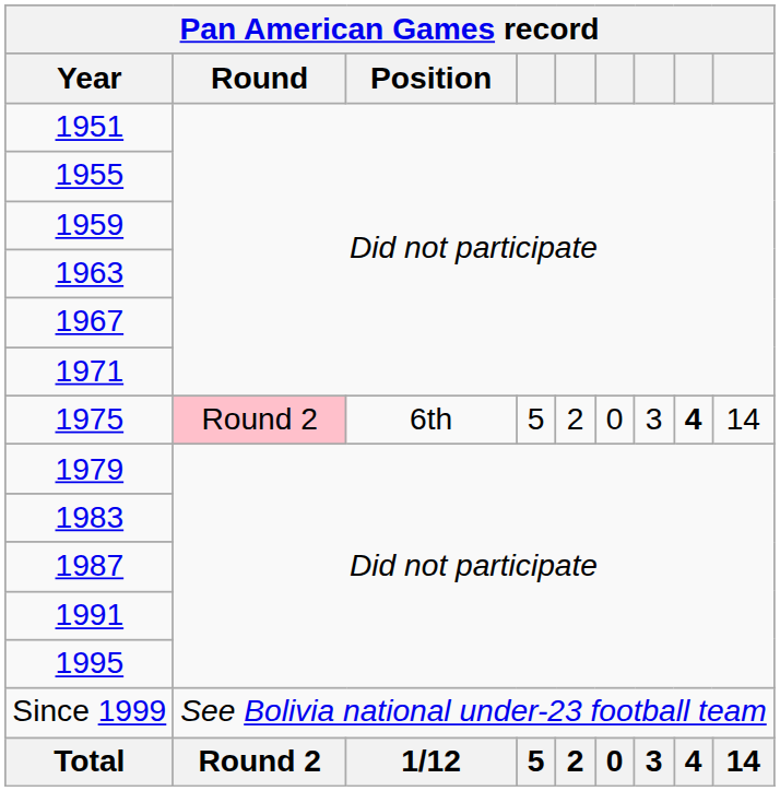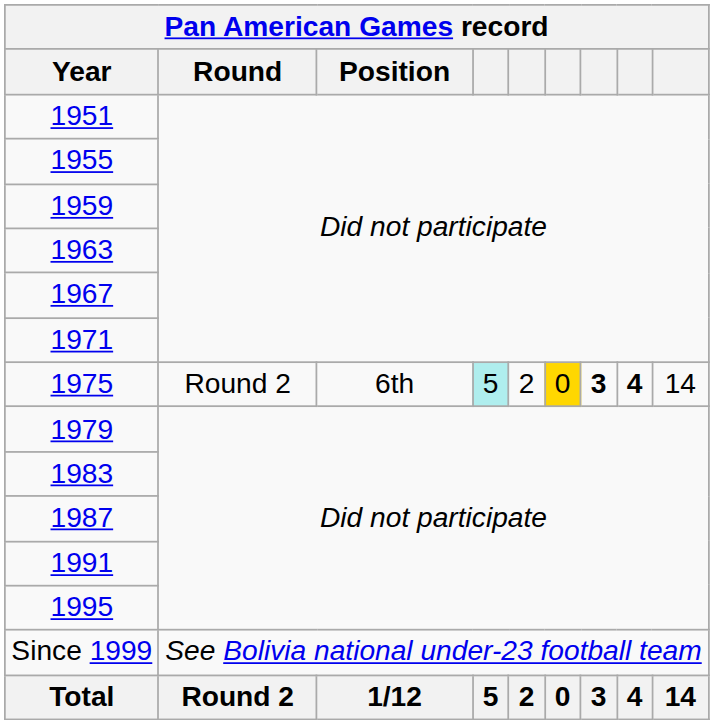 <table class="wikitable" style="text-align: center;">
 <tr>
 <th colspan=9><a href='#'>Pan American Games</a> record</th>
 </tr>
 <tr>
 <th>Year</th>
 <th>Round</th>
 <th>Position</th>
 <th></th>
 <th></th>
 <th></th>
 <th></th>
 <th></th>
 <th></th>
 </tr>
 <tr>
 <td> <a href='#'>1951</a></td>
 <td colspan=8 rowspan=6><em>Did not participate</em></td>
 </tr>
 <tr>
 <td> <a href='#'>1955</a></td>
 </tr>
 <tr>
 <td> <a href='#'>1959</a></td>
 </tr>
 <tr>
 <td> <a href='#'>1963</a></td>
 </tr>
 <tr>
 <td> <a href='#'>1967</a></td>
 </tr>
 <tr>
 <td> <a href='#'>1971</a></td>
 </tr>
 <tr>
 <td> <a href='#'>1975</a></td>
-<td style="background: pink;">Round 2</td>
+<td>Round 2</td>
 <td>6th</td>
-<td>5</td>
+<td style="background: paleturquoise;">5</td>
 <td>2</td>
-<td>0</td>
-<td>3</td>
+<td style="background: gold;">0</td>
+<td><strong>3</strong></td>
 <td><strong>4</strong></td>
 <td>14</td>
 </tr>
 <tr>
 <td> <a href='#'>1979</a></td>
 <td colspan=8 rowspan=5><em>Did not participate</em></td>
 </tr>
 <tr>
 <td> <a href='#'>1983</a></td>
 </tr>
 <tr>
 <td> <a href='#'>1987</a></td>
 </tr>
 <tr>
 <td> <a href='#'>1991</a></td>
 </tr>
 <tr>
 <td> <a href='#'>1995</a></td>
 </tr>
 <tr>
 <td>Since <a href='#'>1999</a></td>
 <td colspan=8><em>See <a href='#'>Bolivia national under-23 football team</a></em></td>
 </tr>
 <tr>
 <th>Total</th>
 <th>Round 2</th>
 <th>1/12</th>
 <th>5</th>
 <th>2</th>
 <th>0</th>
 <th>3</th>
 <th>4</th>
 <th>14</th>
 </tr>
 </table>
